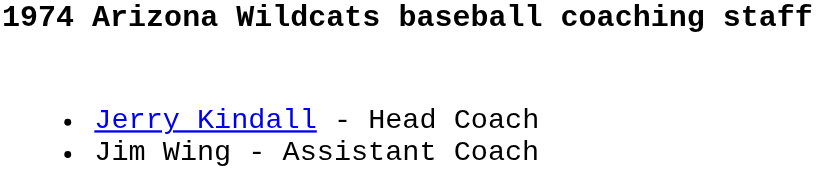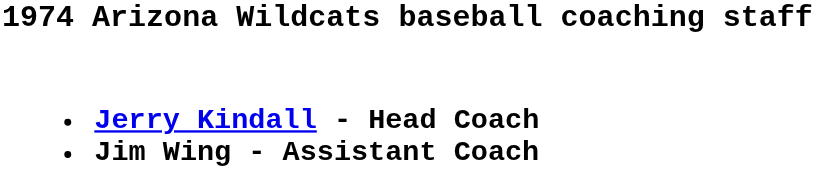 <table class="toccolours">
 <tr>
 <th colspan="9">1974 Arizona Wildcats baseball coaching staff</th>
 </tr>
 <tr>
-<td style="text-align: left; font-size: 95%;" valign="top"><br><ul><li><a href='#'>Jerry Kindall</a> - Head Coach</li><li>Jim Wing - Assistant Coach</li></ul></td>
+<td style="text-align: left; font-size: 95%;" valign="top"><strong><br><ul><li><a href='#'>Jerry Kindall</a> - Head Coach</li><li>Jim Wing - Assistant Coach</li></ul></strong></td>
 </tr>
 </table>
